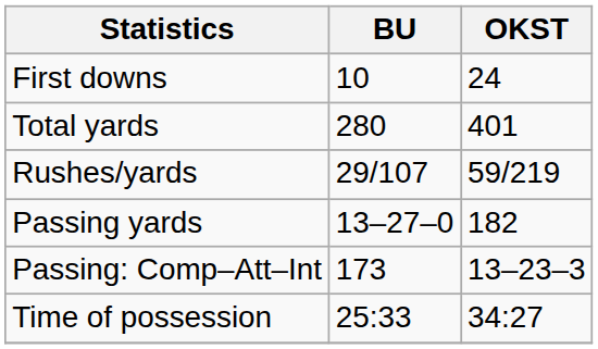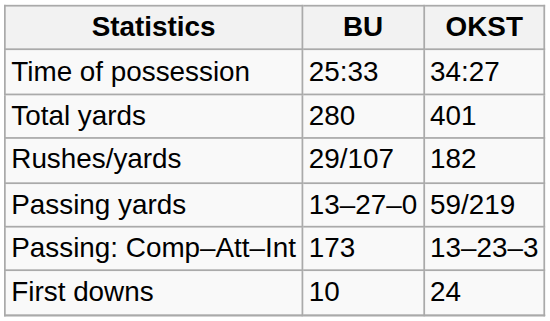 <table class="wikitable" style="float: left;">
 <tr>
 <th>Statistics</th>
 <th>BU</th>
 <th>OKST</th>
 </tr>
 <tr>
-<td>First downs</td>
-<td>10</td>
-<td>24</td>
+<td>Time of possession</td>
+<td>25:33</td>
+<td>34:27</td>
 </tr>
 <tr>
 <td>Total yards</td>
 <td>280</td>
 <td>401</td>
 </tr>
 <tr>
 <td>Rushes/yards</td>
 <td>29/107</td>
-<td>59/219</td>
+<td>182</td>
 </tr>
 <tr>
 <td>Passing yards</td>
 <td>13–27–0</td>
-<td>182</td>
+<td>59/219</td>
 </tr>
 <tr>
 <td>Passing: Comp–Att–Int</td>
 <td>173</td>
 <td>13–23–3</td>
 </tr>
 <tr>
-<td>Time of possession</td>
-<td>25:33</td>
-<td>34:27</td>
+<td>First downs</td>
+<td>10</td>
+<td>24</td>
 </tr>
 <tr>
 </tr>
 </table>
